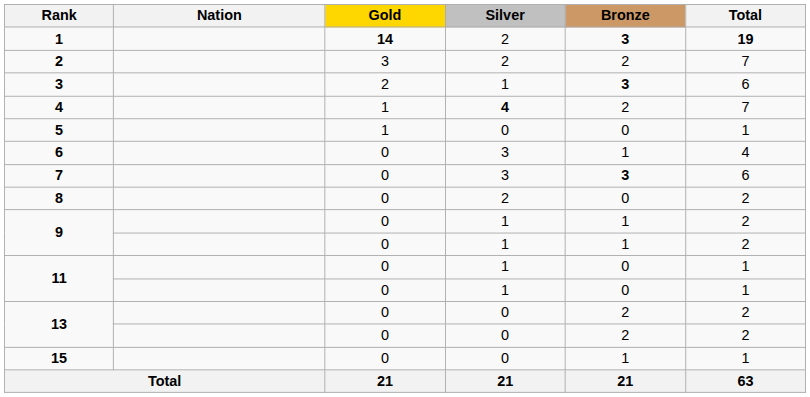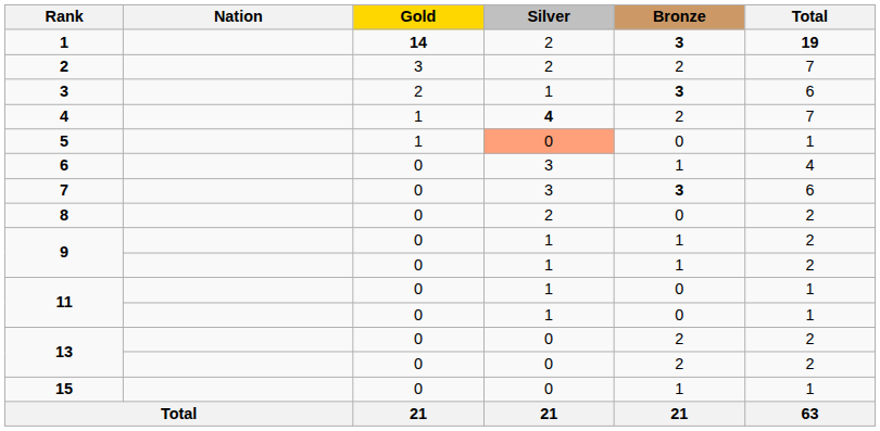 <table class="wikitable collapsible autocollapse plainrowheaders" width=70.5% style="text-align:center;">
 <tr style="background-color:#EDEDED;">
 <th width=100px class="hintergrundfarbe5">Rank</th>
 <th width=200px class="hintergrundfarbe6">Nation</th>
 <th style="background:    gold; width:15%">Gold</th>
 <th style="background:  silver; width:15%">Silver</th>
 <th style="background: #CC9966; width:15%">Bronze</th>
 <th class="hintergrundfarbe6" style="width:15%">Total</th>
 </tr>
 <tr>
 <td><strong>1</strong></td>
 <td align=left></td>
 <td><strong>14</strong></td>
 <td>2</td>
 <td><strong>3</strong></td>
 <td><strong>19</strong></td>
 </tr>
 <tr>
 <td><strong>2</strong></td>
 <td align=left></td>
 <td>3</td>
 <td>2</td>
 <td>2</td>
 <td>7</td>
 </tr>
 <tr>
 <td><strong>3</strong></td>
 <td align=left></td>
 <td>2</td>
 <td>1</td>
 <td><strong>3</strong></td>
 <td>6</td>
 </tr>
 <tr>
 <td><strong>4</strong></td>
 <td align=left></td>
 <td>1</td>
 <td><strong>4</strong></td>
 <td>2</td>
 <td>7</td>
 </tr>
 <tr>
 <td><strong>5</strong></td>
 <td align=left></td>
 <td>1</td>
-<td>0</td>
+<td style="background: lightsalmon;">0</td>
 <td>0</td>
 <td>1</td>
 </tr>
 <tr>
 <td><strong>6</strong></td>
 <td align=left><em></em></td>
 <td>0</td>
 <td>3</td>
 <td>1</td>
 <td>4</td>
 </tr>
 <tr>
 <td><strong>7</strong></td>
 <td align=left></td>
 <td>0</td>
 <td>3</td>
 <td><strong>3</strong></td>
 <td>6</td>
 </tr>
 <tr>
 <td><strong>8</strong></td>
 <td align=left><em></em></td>
 <td>0</td>
 <td>2</td>
 <td>0</td>
 <td>2</td>
 </tr>
 <tr>
 <td rowspan=2><strong>9</strong></td>
 <td align=left></td>
 <td>0</td>
 <td>1</td>
 <td>1</td>
 <td>2</td>
 </tr>
 <tr>
 <td align=left></td>
 <td>0</td>
 <td>1</td>
 <td>1</td>
 <td>2</td>
 </tr>
 <tr>
 <td rowspan=2><strong>11</strong></td>
 <td align=left></td>
 <td>0</td>
 <td>1</td>
 <td>0</td>
 <td>1</td>
 </tr>
 <tr>
 <td align=left></td>
 <td>0</td>
 <td>1</td>
 <td>0</td>
 <td>1</td>
 </tr>
 <tr>
 <td rowspan=2><strong>13</strong></td>
 <td align=left><em></em></td>
 <td>0</td>
 <td>0</td>
 <td>2</td>
 <td>2</td>
 </tr>
 <tr>
 <td align=left></td>
 <td>0</td>
 <td>0</td>
 <td>2</td>
 <td>2</td>
 </tr>
 <tr>
 <td><strong>15</strong></td>
 <td align=left></td>
 <td>0</td>
 <td>0</td>
 <td>1</td>
 <td>1</td>
 </tr>
 <tr>
 <th colspan=2>Total</th>
 <th>21</th>
 <th>21</th>
 <th>21</th>
 <th>63</th>
 </tr>
 </table>
